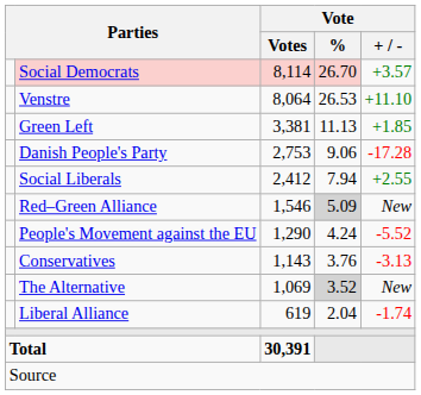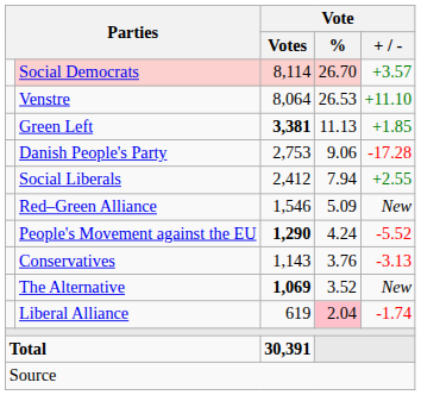 <table class="wikitable" style="text-align:right;">
 <tr>
 <th style="text-align:centre;" rowspan="2" colspan="2" width="225">Parties</th>
 <th colspan="3">Vote</th>
 </tr>
 <tr>
 <th width="15">Votes</th>
 <th width="15">%</th>
 <th width="15">+ / -</th>
 </tr>
 <tr>
 <td width="2" style="color:inherit;background:"></td>
 <td bgcolor=#fbd0ce   align="left"><a href='#'>Social Democrats</a></td>
 <td bgcolor=#fbd0ce>8,114</td>
 <td bgcolor=#fbd0ce>26.70</td>
 <td style=color:green;>+3.57</td>
 </tr>
 <tr>
 <td width="2" style="color:inherit;background:"></td>
 <td align="left"><a href='#'>Venstre</a></td>
 <td>8,064</td>
 <td>26.53</td>
 <td style=color:green;>+11.10</td>
 </tr>
 <tr>
 <td width="2" style="color:inherit;background:"></td>
 <td align="left"><a href='#'>Green Left</a></td>
-<td>3,381</td>
+<td><strong>3,381</strong></td>
 <td>11.13</td>
 <td style=color:green;>+1.85</td>
 </tr>
 <tr>
 <td width="2" style="color:inherit;background:"></td>
 <td align="left"><a href='#'>Danish People's Party</a></td>
 <td>2,753</td>
 <td>9.06</td>
 <td style=color:red;>-17.28</td>
 </tr>
 <tr>
 <td width="2" style="color:inherit;background:"></td>
 <td align="left"><a href='#'>Social Liberals</a></td>
 <td>2,412</td>
 <td>7.94</td>
 <td style=color:green;>+2.55</td>
 </tr>
 <tr>
 <td width="2" style="color:inherit;background:"></td>
 <td align="left"><a href='#'>Red–Green Alliance</a></td>
 <td>1,546</td>
-<td style="background: lightgrey;">5.09</td>
+<td>5.09</td>
 <td><em>New</em></td>
 </tr>
 <tr>
 <td width="2" style="color:inherit;background:"></td>
 <td align="left"><a href='#'>People's Movement against the EU</a></td>
-<td>1,290</td>
+<td><strong>1,290</strong></td>
 <td>4.24</td>
 <td style=color:red;>-5.52</td>
 </tr>
 <tr>
 <td width="2" style="color:inherit;background:"></td>
 <td align="left"><a href='#'>Conservatives</a></td>
 <td>1,143</td>
 <td>3.76</td>
 <td style=color:red;>-3.13</td>
 </tr>
 <tr>
 <td width="2" style="color:inherit;background:"></td>
 <td align="left"><a href='#'>The Alternative</a></td>
-<td>1,069</td>
-<td style="background: lightgrey;">3.52</td>
+<td><strong>1,069</strong></td>
+<td>3.52</td>
 <td><em>New</em></td>
 </tr>
 <tr>
 <td width="2" style="color:inherit;background:"></td>
 <td align="left"><a href='#'>Liberal Alliance</a></td>
 <td>619</td>
-<td>2.04</td>
+<td style="background: pink;">2.04</td>
 <td style=color:red;>-1.74</td>
 </tr>
 <tr>
 <td colspan="7" bgcolor="#E9E9E9"></td>
 </tr>
 <tr>
 <td align="left" colspan="2"><strong>Total</strong></td>
 <td><strong>30,391</strong></td>
 <td bgcolor="#E9E9E9" colspan="2"></td>
 </tr>
 <tr>
 <td align="left" colspan="6">Source</td>
 </tr>
 </table>
